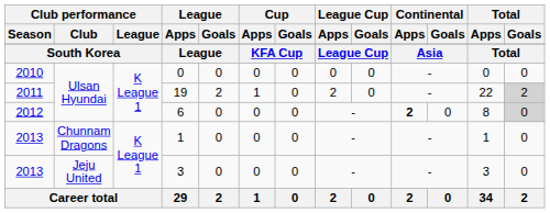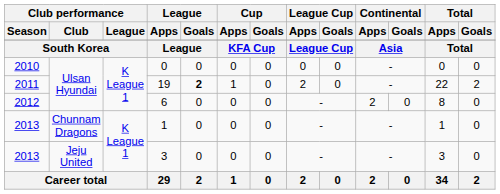 <table class="wikitable" style="text-align:center">
 <tr>
 <th colspan=3>Club performance</th>
 <th colspan=2>League</th>
 <th colspan=2>Cup</th>
 <th colspan=2>League Cup</th>
 <th colspan=2>Continental</th>
 <th colspan=2>Total</th>
 </tr>
 <tr>
 <th>Season</th>
 <th>Club</th>
 <th>League</th>
 <th>Apps</th>
 <th>Goals</th>
 <th>Apps</th>
 <th>Goals</th>
 <th>Apps</th>
 <th>Goals</th>
 <th>Apps</th>
 <th>Goals</th>
 <th>Apps</th>
 <th>Goals</th>
 </tr>
 <tr>
 </tr>
 <tr>
 <th colspan=3>South Korea</th>
 <th colspan=2>League</th>
 <th colspan=2><a href='#'>KFA Cup</a></th>
 <th colspan=2><a href='#'>League Cup</a></th>
 <th colspan=2><a href='#'>Asia</a></th>
 <th colspan=2>Total</th>
 </tr>
 <tr>
 <td><a href='#'>2010</a></td>
 <td rowspan="3"><a href='#'>Ulsan Hyundai</a></td>
 <td rowspan="3"><a href='#'>K League 1</a></td>
 <td>0</td>
 <td>0</td>
 <td>0</td>
 <td>0</td>
 <td>0</td>
 <td>0</td>
 <td colspan="2">-</td>
 <td>0</td>
 <td>0</td>
 </tr>
 <tr>
 <td><a href='#'>2011</a></td>
 <td>19</td>
-<td>2</td>
+<td><strong>2</strong></td>
 <td>1</td>
 <td>0</td>
 <td>2</td>
 <td>0</td>
 <td colspan="2">-</td>
 <td>22</td>
-<td style="background: lightgrey;">2</td>
+<td>2</td>
 </tr>
 <tr>
 <td><a href='#'>2012</a></td>
 <td>6</td>
 <td>0</td>
 <td>0</td>
 <td>0</td>
 <td colspan="2">-</td>
-<td><strong>2</strong></td>
+<td>2</td>
 <td>0</td>
 <td>8</td>
-<td style="background: lightgrey;">0</td>
+<td>0</td>
 </tr>
 <tr>
 <td><a href='#'>2013</a></td>
 <td rowspan="1"><a href='#'>Chunnam Dragons</a></td>
 <td rowspan="2"><a href='#'>K League 1</a></td>
 <td>1</td>
 <td>0</td>
 <td>0</td>
 <td>0</td>
 <td colspan="2">-</td>
 <td colspan="2">-</td>
 <td>1</td>
 <td>0</td>
 </tr>
 <tr>
 <td><a href='#'>2013</a></td>
 <td rowspan="1"><a href='#'>Jeju United</a></td>
 <td>3</td>
 <td>0</td>
 <td>0</td>
 <td>0</td>
 <td colspan="2">-</td>
 <td colspan="2">-</td>
 <td>3</td>
 <td>0</td>
 </tr>
 <tr>
 <th colspan=3>Career total</th>
 <th>29</th>
 <th>2</th>
 <th>1</th>
 <th>0</th>
 <th>2</th>
 <th>0</th>
 <th>2</th>
 <th>0</th>
 <th>34</th>
 <th>2</th>
 </tr>
 </table>
